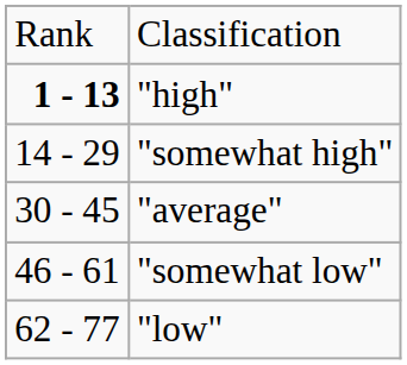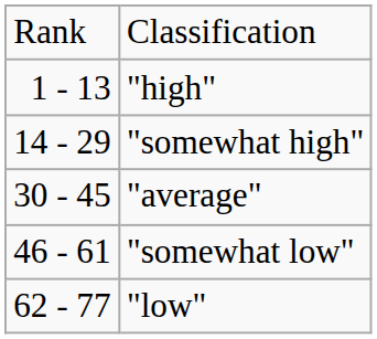 <table class="wikitable" |---valign=top>
 <tr>
 <td>Rank</td>
 <td>Classification</td>
 </tr>
 <tr>
-<td><strong>  1 - 13</strong></td>
+<td>  1 - 13</td>
 <td>"high"</td>
 </tr>
 <tr>
 <td>14 - 29</td>
 <td>"somewhat high"</td>
 </tr>
 <tr>
 <td>30 - 45</td>
 <td>"average"</td>
 </tr>
 <tr>
 <td>46 - 61</td>
 <td>"somewhat low"</td>
 </tr>
 <tr>
 <td>62 - 77</td>
 <td>"low"</td>
 </tr>
 </table>
